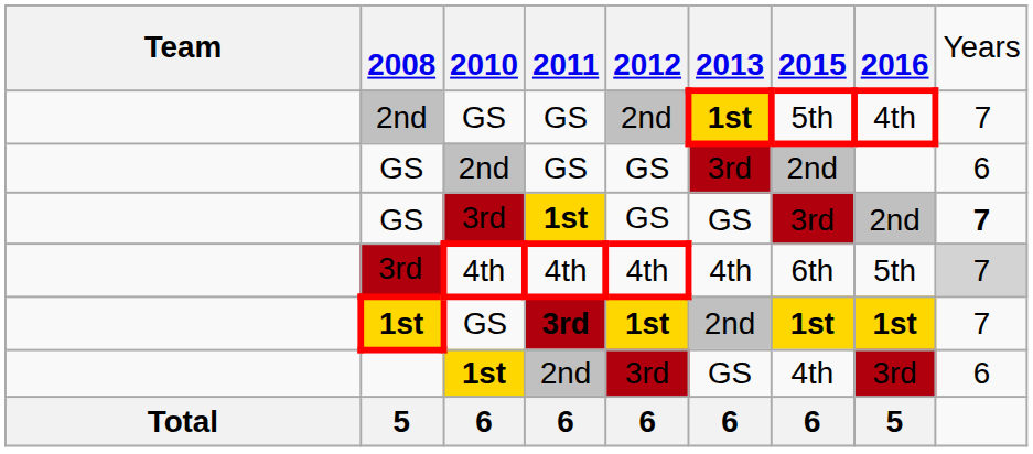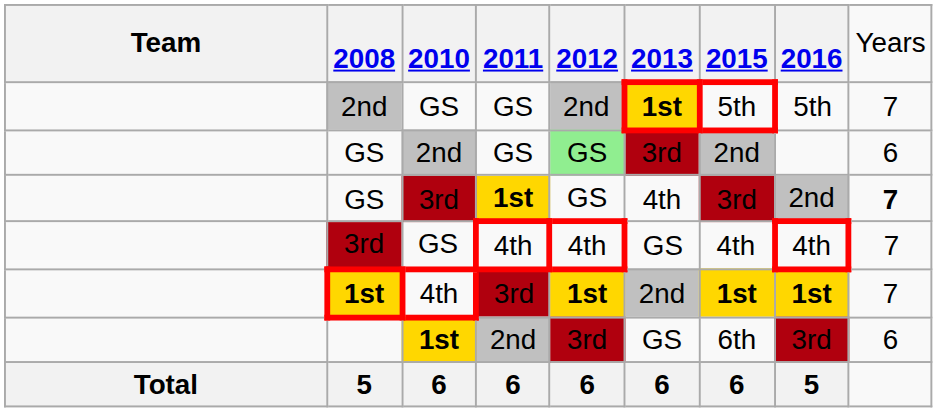 <table class="wikitable" style="text-align:center; font-size:90%">
 <tr>
 <th width=160>Team</th>
 <th> <br><a href='#'>2008</a></th>
 <th><br><a href='#'>2010</a></th>
 <th><br><a href='#'>2011</a></th>
 <th><br><a href='#'>2012</a></th>
 <th><br><a href='#'>2013</a></th>
 <th><br><a href='#'>2015</a></th>
 <th><br><a href='#'>2016</a></th>
 <td>Years</td>
 </tr>
 <tr>
 <td align=left></td>
 <td bgcolor=silver>2nd</td>
 <td>GS</td>
 <td>GS</td>
 <td bgcolor=silver>2nd</td>
 <td bgcolor=gold style="border:3px solid red;"><strong>1st</strong></td>
 <td style="border:3px solid red;">5th</td>
-<td style="border:3px solid red;">4th</td>
+<td>5th</td>
 <td>7</td>
 </tr>
 <tr>
 <td align=left></td>
 <td>GS</td>
 <td bgcolor=silver>2nd</td>
 <td>GS</td>
-<td>GS</td>
+<td style="background: lightgreen;">GS</td>
 <td bgcolor=bronze>3rd</td>
 <td bgcolor=silver>2nd</td>
 <td></td>
 <td>6</td>
 </tr>
 <tr>
 <td align=left></td>
 <td>GS</td>
 <td bgcolor=bronze>3rd</td>
 <td bgcolor=gold><strong>1st</strong></td>
 <td>GS</td>
-<td>GS</td>
+<td>4th</td>
 <td bgcolor=bronze>3rd</td>
 <td bgcolor=silver>2nd</td>
 <td><strong>7</strong></td>
 </tr>
 <tr>
 <td align=left></td>
 <td bgcolor=bronze>3rd</td>
+<td>GS</td>
 <td style="border:3px solid red;">4th</td>
 <td style="border:3px solid red;">4th</td>
+<td>GS</td>
+<td>4th</td>
 <td style="border:3px solid red;">4th</td>
-<td>4th</td>
-<td>6th</td>
-<td>5th</td>
-<td style="background: lightgrey;">7</td>
+<td>7</td>
 </tr>
 <tr>
 <td align=left></td>
 <td bgcolor=gold style="border:3px solid red;"><strong>1st</strong></td>
-<td>GS</td>
-<td bgcolor=bronze><strong>3rd</strong></td>
+<td style="border:3px solid red;">4th</td>
+<td bgcolor=bronze>3rd</td>
 <td bgcolor=gold><strong>1st</strong></td>
 <td bgcolor=silver>2nd</td>
 <td bgcolor=gold><strong>1st</strong></td>
 <td bgcolor=gold><strong>1st</strong></td>
 <td>7</td>
 </tr>
 <tr>
 <td align=left></td>
 <td></td>
 <td bgcolor=gold><strong>1st</strong></td>
 <td bgcolor=silver>2nd</td>
 <td bgcolor=bronze>3rd</td>
 <td>GS</td>
-<td>4th</td>
+<td>6th</td>
 <td bgcolor=bronze>3rd</td>
 <td>6</td>
 </tr>
 <tr>
 <th>Total</th>
 <th>5</th>
 <th>6</th>
 <th>6</th>
 <th>6</th>
 <th>6</th>
 <th>6</th>
 <th>5</th>
 </tr>
 </table>
